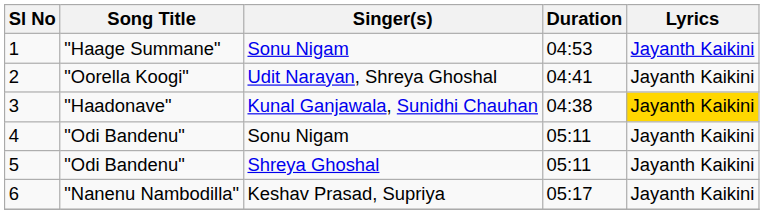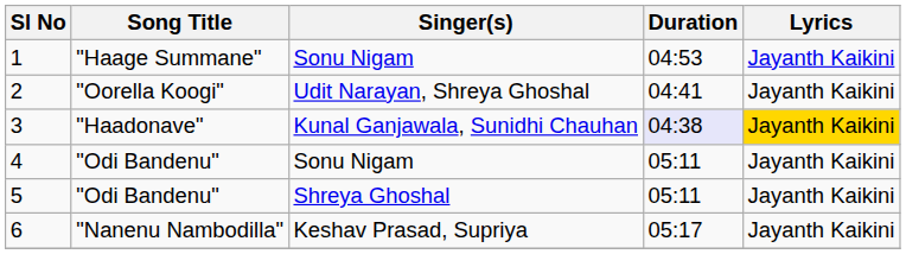 <table class="wikitable">
 <tr>
 <th>Sl No</th>
 <th>Song Title</th>
 <th>Singer(s)</th>
 <th>Duration</th>
 <th>Lyrics</th>
 </tr>
 <tr>
 <td>1</td>
 <td>"Haage Summane"</td>
 <td><a href='#'>Sonu Nigam</a></td>
 <td>04:53</td>
 <td><a href='#'>Jayanth Kaikini</a></td>
 </tr>
 <tr>
 <td>2</td>
 <td>"Oorella Koogi"</td>
 <td><a href='#'>Udit Narayan</a>, Shreya Ghoshal</td>
 <td>04:41</td>
 <td>Jayanth Kaikini</td>
 </tr>
 <tr>
 <td>3</td>
 <td>"Haadonave"</td>
 <td><a href='#'>Kunal Ganjawala</a>, <a href='#'>Sunidhi Chauhan</a></td>
-<td>04:38</td>
+<td style="background: lavender;">04:38</td>
 <td style="background: gold;">Jayanth Kaikini</td>
 </tr>
 <tr>
 <td>4</td>
 <td>"Odi Bandenu"</td>
 <td>Sonu Nigam</td>
 <td>05:11</td>
 <td>Jayanth Kaikini</td>
 </tr>
 <tr>
 <td>5</td>
 <td>"Odi Bandenu"</td>
 <td><a href='#'>Shreya Ghoshal</a></td>
 <td>05:11</td>
 <td>Jayanth Kaikini</td>
 </tr>
 <tr>
 <td>6</td>
 <td>"Nanenu Nambodilla"</td>
 <td>Keshav Prasad, Supriya</td>
 <td>05:17</td>
 <td>Jayanth Kaikini</td>
 </tr>
 <tr>
 </tr>
 </table>
